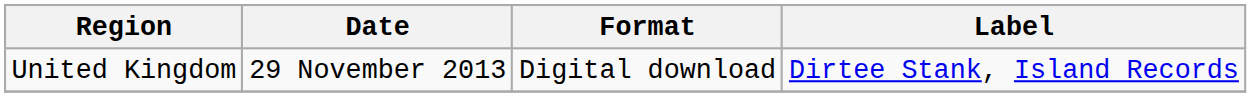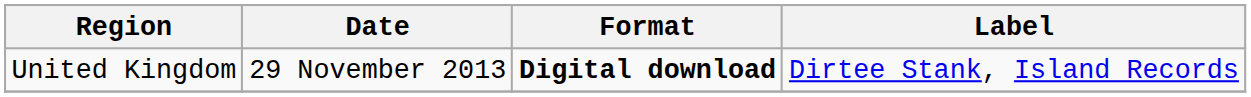 <table class=wikitable>
 <tr>
 <th>Region</th>
 <th>Date</th>
 <th>Format</th>
 <th>Label</th>
 </tr>
 <tr>
 <td>United Kingdom</td>
 <td>29 November 2013</td>
-<td>Digital download</td>
+<td><strong>Digital download</strong></td>
 <td><a href='#'>Dirtee Stank</a>, <a href='#'>Island Records</a></td>
 </tr>
 <tr>
 </tr>
 </table>
